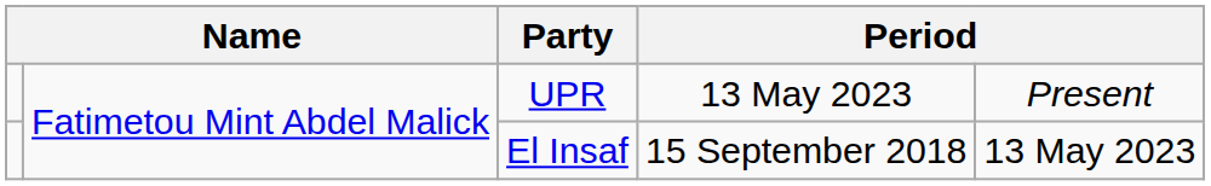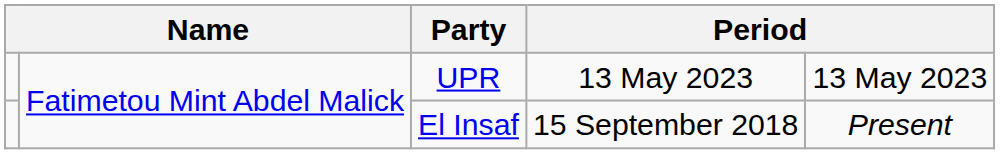 <table class="wikitable" style="font-size:95%;">
 <tr>
 <th colspan="2">Name</th>
 <th>Party</th>
 <th colspan="2">Period</th>
 </tr>
 <tr>
 <td style="background:"></td>
 <td style="text-align:center;" rowspan="2"><a href='#'>Fatimetou Mint Abdel Malick</a></td>
 <td style="text-align:center;"><a href='#'>UPR</a></td>
 <td style="text-align:center;">13 May 2023</td>
-<td style="text-align:center;"><em>Present</em></td>
+<td style="text-align:center;">13 May 2023</td>
 </tr>
 <tr>
 <td style="background:"></td>
 <td style="text-align:center;"><a href='#'>El Insaf</a></td>
 <td style="text-align:center;">15 September 2018</td>
-<td style="text-align:center;">13 May 2023</td>
+<td style="text-align:center;"><em>Present</em></td>
 </tr>
 </table>
